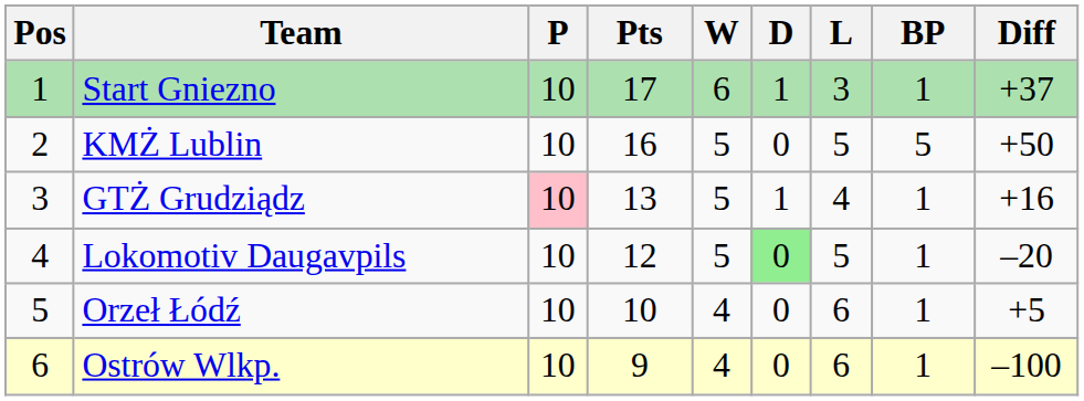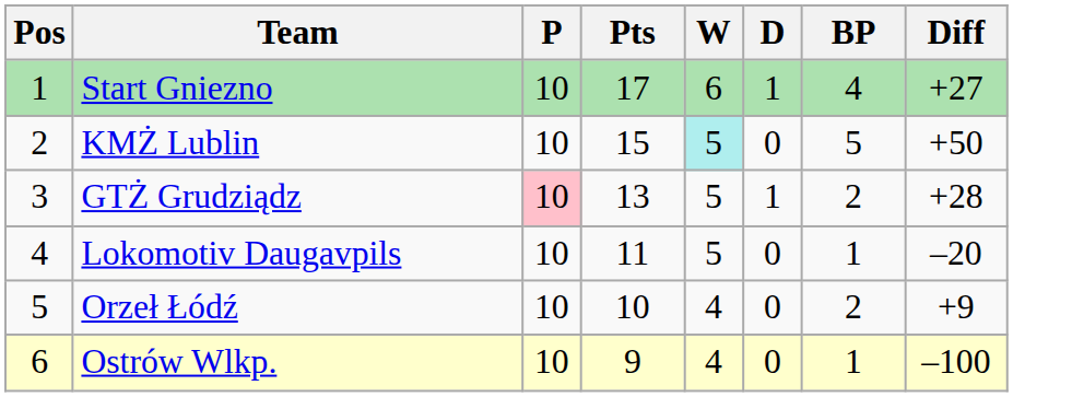 <table class="wikitable" style="font-size: 100%">
 <tr>
 <th width=20>Pos</th>
 <th width=200>Team</th>
 <th width=20>P</th>
 <th width=40>Pts</th>
 <th width=20>W</th>
 <th width=20>D</th>
-<th width=20>L</th>
 <th width=40>BP</th>
 <th width=40>Diff</th>
 </tr>
 <tr align=center style="background:#ACE1AF;">
 <td>1</td>
 <td align="left"><a href='#'>Start Gniezno</a></td>
 <td>10</td>
 <td>17</td>
 <td>6</td>
 <td>1</td>
-<td>3</td>
-<td>1</td>
-<td>+37</td>
+<td>4</td>
+<td>+27</td>
 </tr>
 <tr align=center>
 <td>2</td>
 <td align="left"><a href='#'>KMŻ Lublin</a></td>
 <td>10</td>
-<td>16</td>
-<td>5</td>
+<td>15</td>
+<td style="background: paleturquoise;">5</td>
 <td>0</td>
-<td>5</td>
 <td>5</td>
 <td>+50</td>
 </tr>
 <tr align=center>
 <td>3</td>
 <td align="left"><a href='#'>GTŻ Grudziądz</a></td>
 <td style="background: pink;">10</td>
 <td>13</td>
 <td>5</td>
 <td>1</td>
-<td>4</td>
-<td>1</td>
-<td>+16</td>
+<td>2</td>
+<td>+28</td>
 </tr>
 <tr align=center>
 <td>4</td>
 <td align="left"><a href='#'>Lokomotiv Daugavpils</a> </td>
 <td>10</td>
-<td>12</td>
+<td>11</td>
 <td>5</td>
-<td style="background: lightgreen;">0</td>
-<td>5</td>
+<td>0</td>
 <td>1</td>
 <td>–20</td>
 </tr>
 <tr align=center>
 <td>5</td>
 <td align="left"><a href='#'>Orzeł Łódź</a></td>
 <td>10</td>
 <td>10</td>
 <td>4</td>
 <td>0</td>
-<td>6</td>
-<td>1</td>
-<td>+5</td>
+<td>2</td>
+<td>+9</td>
 </tr>
 <tr align=center style="background: #ffffcc;">
 <td>6</td>
 <td align="left"><a href='#'>Ostrów Wlkp.</a></td>
 <td>10</td>
 <td>9</td>
 <td>4</td>
 <td>0</td>
-<td>6</td>
 <td>1</td>
 <td>–100</td>
 </tr>
 </table>
